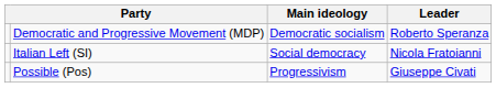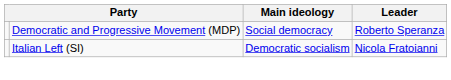 <table class=wikitable style=text-align:left>
 <tr>
 <th colspan=2>Party</th>
 <th>Main ideology</th>
 <th>Leader</th>
 </tr>
 <tr>
 <td></td>
 <td><a href='#'>Democratic and Progressive Movement</a> (MDP)</td>
-<td><a href='#'>Democratic socialism</a></td>
+<td><a href='#'>Social democracy</a></td>
 <td><a href='#'>Roberto Speranza</a></td>
 </tr>
 <tr>
 <td></td>
 <td><a href='#'>Italian Left</a> (SI)</td>
-<td><a href='#'>Social democracy</a></td>
+<td><a href='#'>Democratic socialism</a></td>
 <td><a href='#'>Nicola Fratoianni</a></td>
 </tr>
-<tr>
-<td></td>
-<td><a href='#'>Possible</a> (Pos)</td>
-<td><a href='#'>Progressivism</a></td>
-<td><a href='#'>Giuseppe Civati</a></td>
-</tr>
 </table>
